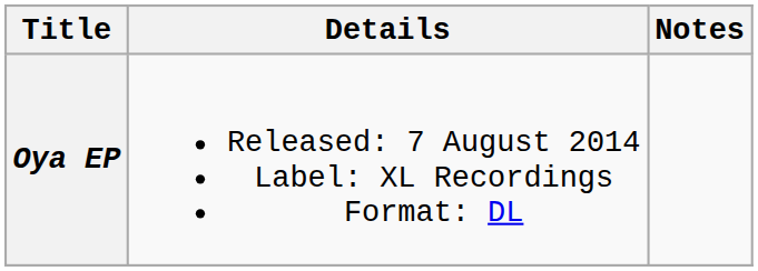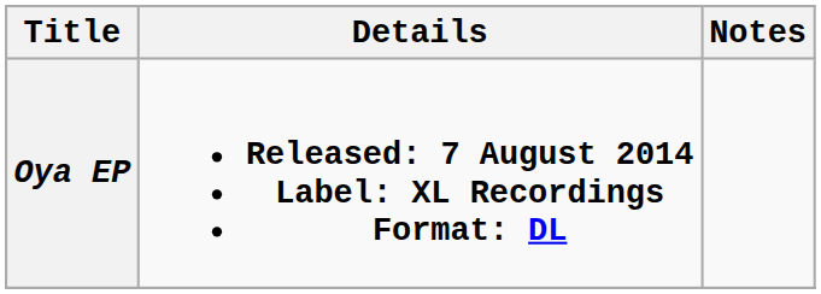 <table class="wikitable plainrowheaders" style="text-align:center;">
 <tr>
 <th scope="col">Title</th>
 <th scope="col">Details</th>
 <th scope="col">Notes</th>
 </tr>
 <tr>
 <th scope="row"><em>Oya EP</em></th>
-<td><br><ul><li>Released: 7 August 2014</li><li>Label: XL Recordings</li><li>Format: <a href='#'>DL</a></li></ul></td>
+<td><strong><br><ul><li>Released: 7 August 2014</li><li>Label: XL Recordings</li><li>Format: <a href='#'>DL</a></li></ul></strong></td>
 <td><br></td>
 </tr>
 <tr>
 </tr>
 </table>
